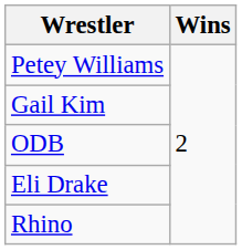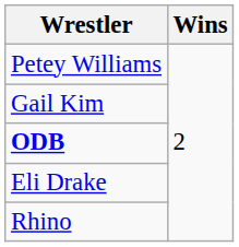 <table class="wikitable sortable">
 <tr>
 <th>Wrestler</th>
 <th>Wins</th>
 </tr>
 <tr>
 <td><a href='#'>Petey Williams</a></td>
 <td rowspan="5">2</td>
 </tr>
 <tr>
 <td><a href='#'>Gail Kim</a></td>
 </tr>
 <tr>
-<td><a href='#'>ODB</a></td>
+<td><strong><a href='#'>ODB</a></strong></td>
 </tr>
 <tr>
 <td><a href='#'>Eli Drake</a></td>
 </tr>
 <tr>
 <td><a href='#'>Rhino</a></td>
 </tr>
 </table>
